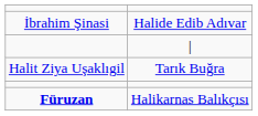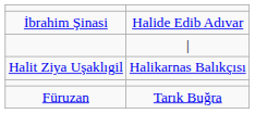 <table class="wikitable" style="text-align:right; float:right; margin-right:5px; margin-right:1px;">
 <tr>
 <td align="center"></td>
 <td align="center"></td>
 </tr>
 <tr>
 <td align="center"><a href='#'>İbrahim Şinasi</a><br><small></small></td>
 <td align="center"><a href='#'>Halide Edib Adıvar</a><br><small></small></td>
 </tr>
 <tr>
 <td align="center"></td>
 <td align="center">|</td>
 </tr>
 <tr>
 <td align="center"><a href='#'>Halit Ziya Uşaklıgil</a><br><small></small></td>
-<td align="center"><a href='#'>Tarık Buğra</a><br><small></small></td>
+<td align="center"><a href='#'>Halikarnas Balıkçısı</a><br><small></small></td>
 </tr>
 <tr>
 <td align="center"></td>
 <td align="center"></td>
 </tr>
 <tr>
-<td align="center"><strong><a href='#'>Füruzan</a><br><small></small></strong></td>
-<td align="center"><a href='#'>Halikarnas Balıkçısı</a><br><small></small></td>
+<td align="center"><a href='#'>Füruzan</a><br><small></small></td>
+<td align="center"><a href='#'>Tarık Buğra</a><br><small></small></td>
 </tr>
 </table>
